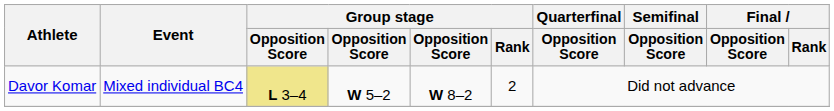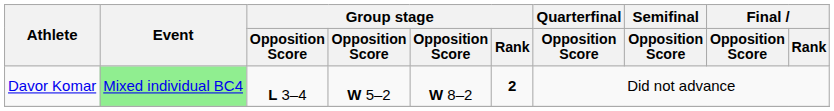 <table class="wikitable" style="text-align:center; font-size:90%">
 <tr>
 <th rowspan=2>Athlete</th>
 <th rowspan=2>Event</th>
 <th colspan=4>Group stage</th>
 <th>Quarterfinal</th>
 <th>Semifinal</th>
 <th colspan=2>Final / </th>
 </tr>
 <tr style="font-size:95%">
 <th>Opposition<br>Score</th>
 <th>Opposition<br>Score</th>
 <th>Opposition<br>Score</th>
 <th>Rank</th>
 <th>Opposition<br>Score</th>
 <th>Opposition<br>Score</th>
 <th>Opposition<br>Score</th>
 <th>Rank</th>
 </tr>
 <tr>
 <td align=left><a href='#'>Davor Komar</a></td>
-<td align=left><a href='#'>Mixed individual BC4</a></td>
-<td style="background: khaki;"><br><strong>L</strong> 3–4</td>
+<td align=left style="background: lightgreen;"><a href='#'>Mixed individual BC4</a></td>
+<td><br><strong>L</strong> 3–4</td>
 <td><br><strong>W</strong> 5–2</td>
 <td><br><strong>W</strong> 8–2</td>
-<td>2</td>
+<td><strong>2</strong></td>
 <td colspan=4>Did not advance</td>
 </tr>
 <tr>
 </tr>
 </table>
